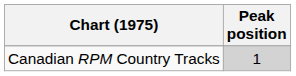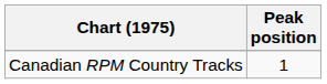 <table class="wikitable sortable">
 <tr>
 <th align="left">Chart (1975)</th>
 <th align="center">Peak<br>position</th>
 </tr>
 <tr>
 </tr>
 <tr>
 </tr>
 <tr>
 <td align="left">Canadian <em>RPM</em> Country Tracks</td>
-<td align="center" style="background: lightgrey;">1</td>
+<td align="center">1</td>
 </tr>
 </table>
